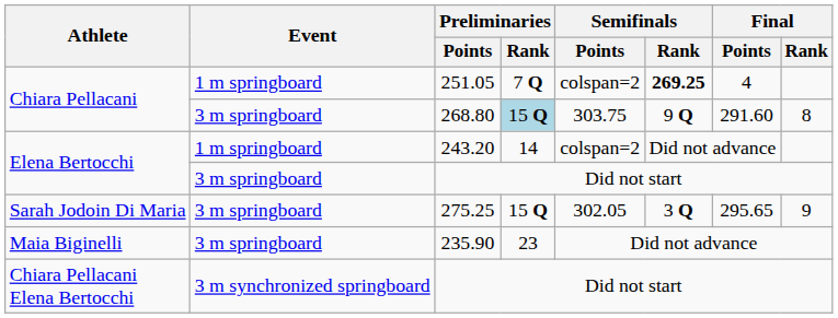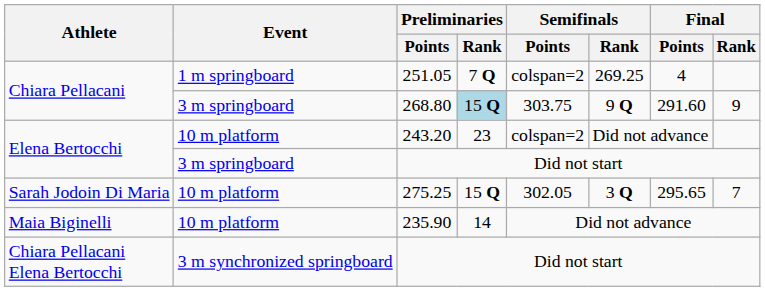 <table class="wikitable" style="font-size:90%">
 <tr>
 <th rowspan="2">Athlete</th>
 <th rowspan="2">Event</th>
 <th colspan="2">Preliminaries</th>
 <th colspan="2">Semifinals</th>
 <th colspan="2">Final</th>
 </tr>
 <tr style="font-size:95%">
 <th>Points</th>
 <th>Rank</th>
 <th>Points</th>
 <th>Rank</th>
 <th>Points</th>
 <th>Rank</th>
 </tr>
 <tr align="center">
 <td rowspan="2" align="left"><a href='#'>Chiara Pellacani</a></td>
 <td align="left"><a href='#'>1 m springboard</a></td>
 <td>251.05</td>
 <td>7 <strong>Q</strong></td>
 <td>colspan=2 </td>
-<td><strong>269.25</strong></td>
+<td>269.25</td>
 <td>4</td>
 </tr>
 <tr align="center">
 <td align="left"><a href='#'>3 m springboard</a></td>
 <td>268.80</td>
 <td style="background: lightblue;">15 <strong>Q</strong></td>
 <td>303.75</td>
 <td>9 <strong>Q</strong></td>
 <td>291.60</td>
-<td>8</td>
+<td>9</td>
 </tr>
 <tr align="center">
 <td rowspan="2" align="left"><a href='#'>Elena Bertocchi</a></td>
-<td align="left"><a href='#'>1 m springboard</a></td>
+<td align="left"><a href='#'>10 m platform</a></td>
 <td>243.20</td>
-<td>14</td>
+<td>23</td>
 <td>colspan=2 </td>
 <td colspan=2>Did not advance</td>
 </tr>
 <tr align="center">
 <td align="left"><a href='#'>3 m springboard</a></td>
 <td colspan=6>Did not start</td>
 </tr>
 <tr align="center">
 <td align="left"><a href='#'>Sarah Jodoin Di Maria</a></td>
-<td align="left"><a href='#'>3 m springboard</a></td>
+<td align="left"><a href='#'>10 m platform</a></td>
 <td>275.25</td>
 <td>15 <strong>Q</strong></td>
 <td>302.05</td>
 <td>3 <strong>Q</strong></td>
 <td>295.65</td>
-<td>9</td>
+<td>7</td>
 </tr>
 <tr align="center">
 <td align="left"><a href='#'>Maia Biginelli</a></td>
-<td align="left"><a href='#'>3 m springboard</a></td>
+<td align="left"><a href='#'>10 m platform</a></td>
 <td>235.90</td>
-<td>23</td>
+<td>14</td>
 <td colspan=4>Did not advance</td>
 </tr>
 <tr align="center">
 <td align="left"><a href='#'>Chiara Pellacani</a><br><a href='#'>Elena Bertocchi</a></td>
 <td align="left"><a href='#'>3 m synchronized springboard</a></td>
 <td colspan=6>Did not start</td>
 </tr>
 </table>
